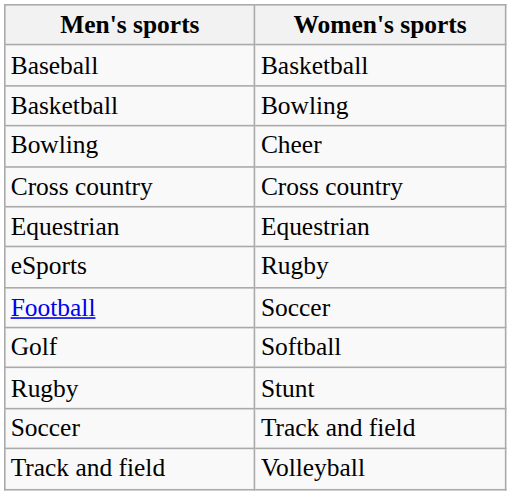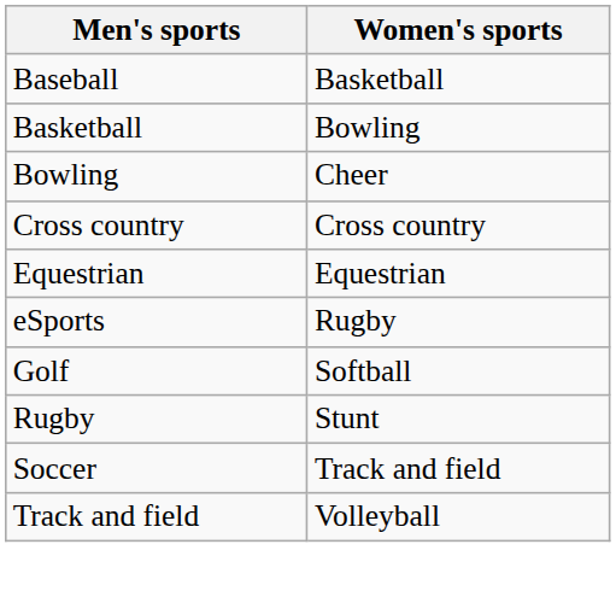 <table class= wikitable>
 <tr>
 <th width=150px>Men's sports</th>
 <th width=150px>Women's sports</th>
 </tr>
 <tr>
 <td>Baseball</td>
 <td>Basketball</td>
 </tr>
 <tr>
 <td>Basketball</td>
 <td>Bowling</td>
 </tr>
 <tr>
 <td>Bowling</td>
 <td>Cheer</td>
 </tr>
 <tr>
 <td>Cross country</td>
 <td>Cross country</td>
 </tr>
 <tr>
 <td>Equestrian</td>
 <td>Equestrian</td>
 </tr>
 <tr>
 <td>eSports</td>
 <td>Rugby</td>
 </tr>
 <tr>
-<td><a href='#'>Football</a></td>
-<td>Soccer</td>
-</tr>
-<tr>
 <td>Golf</td>
 <td>Softball</td>
 </tr>
 <tr>
 <td>Rugby</td>
 <td>Stunt</td>
 </tr>
 <tr>
 <td>Soccer</td>
 <td>Track and field</td>
 </tr>
 <tr>
 <td>Track and field</td>
 <td>Volleyball</td>
 </tr>
 </table>
